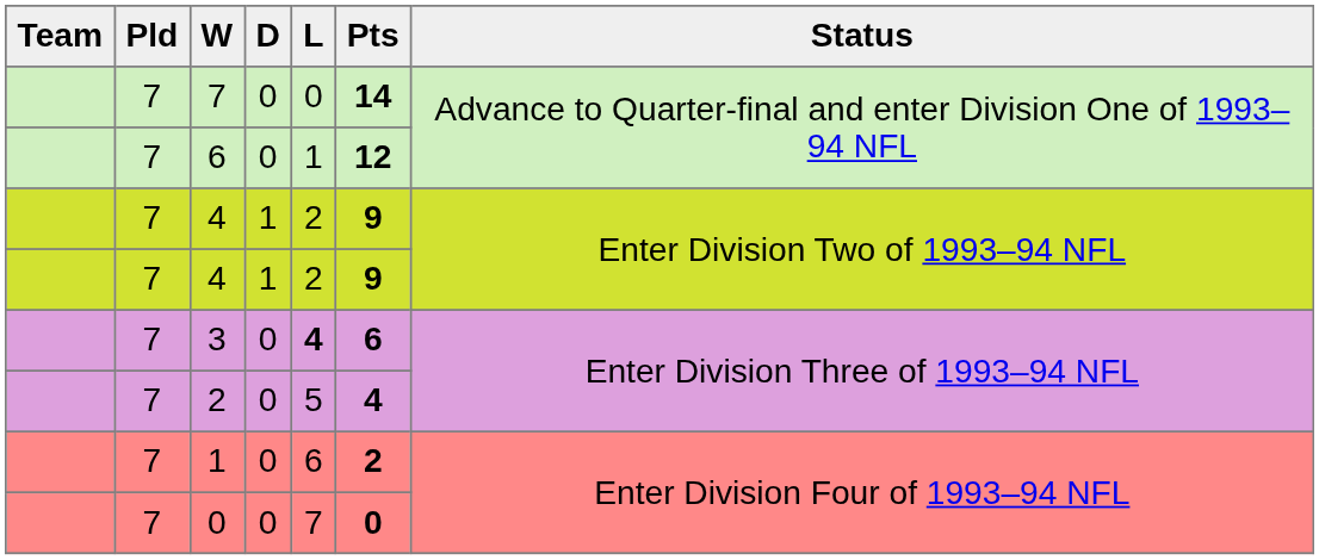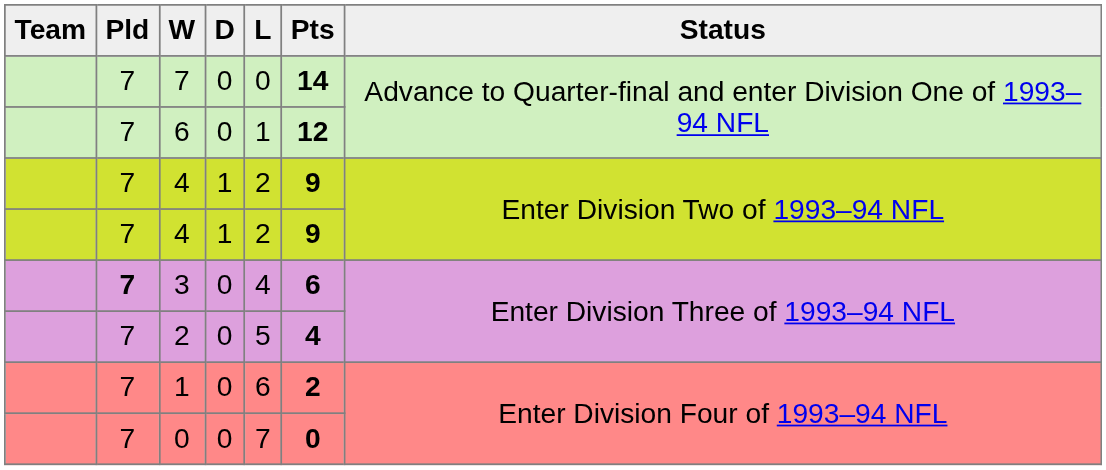 <table style=border-collapse:collapse border=1 cellspacing=0 cellpadding=5>
 <tr align=center bgcolor=#efefef>
 <th>Team</th>
 <th>Pld</th>
 <th>W</th>
 <th>D</th>
 <th>L</th>
 <th>Pts</th>
 <th>Status</th>
 </tr>
 <tr align=center style="background:#D0F0C0;">
 <td style="text-align:left;"> </td>
 <td>7</td>
 <td>7</td>
 <td>0</td>
 <td>0</td>
 <td><strong>14</strong></td>
 <td rowspan=2>Advance to Quarter-final and enter Division One of <a href='#'>1993–94 NFL</a></td>
 </tr>
 <tr align=center style="background:#D0F0C0;">
 <td style="text-align:left;"> </td>
 <td>7</td>
 <td>6</td>
 <td>0</td>
 <td>1</td>
 <td><strong>12</strong></td>
 </tr>
 <tr align=center style="background:#D1E231">
 <td style="text-align:left;"> </td>
 <td>7</td>
 <td>4</td>
 <td>1</td>
 <td>2</td>
 <td><strong>9</strong></td>
 <td rowspan=2>Enter Division Two of <a href='#'>1993–94 NFL</a></td>
 </tr>
 <tr align=center style="background:#D1E231">
 <td style="text-align:left;"> </td>
 <td>7</td>
 <td>4</td>
 <td>1</td>
 <td>2</td>
 <td><strong>9</strong></td>
 </tr>
 <tr align=center style="background:#dda0dd;">
 <td style="text-align:left;"> </td>
-<td>7</td>
+<td><strong>7</strong></td>
 <td>3</td>
 <td>0</td>
-<td><strong>4</strong></td>
+<td>4</td>
 <td><strong>6</strong></td>
 <td rowspan=2>Enter Division Three of <a href='#'>1993–94 NFL</a></td>
 </tr>
 <tr align=center style="background:#dda0dd;">
 <td style="text-align:left;"> </td>
 <td>7</td>
 <td>2</td>
 <td>0</td>
 <td>5</td>
 <td><strong>4</strong></td>
 </tr>
 <tr align=center style="background:#FF8888;">
 <td style="text-align:left;"> </td>
 <td>7</td>
 <td>1</td>
 <td>0</td>
 <td>6</td>
 <td><strong>2</strong></td>
 <td rowspan=2>Enter Division Four of <a href='#'>1993–94 NFL</a></td>
 </tr>
 <tr align=center style="background:#FF8888;">
 <td style="text-align:left;"> </td>
 <td>7</td>
 <td>0</td>
 <td>0</td>
 <td>7</td>
 <td><strong>0</strong></td>
 </tr>
 </table>
